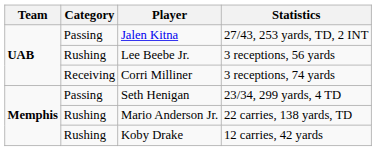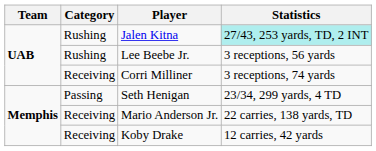 <table class="wikitable" style="float: right;">
 <tr>
 <th>Team</th>
 <th>Category</th>
 <th>Player</th>
 <th>Statistics</th>
 </tr>
 <tr>
 <td rowspan=3><strong>UAB</strong></td>
-<td>Passing</td>
+<td>Rushing</td>
 <td><a href='#'>Jalen Kitna</a></td>
-<td>27/43, 253 yards, TD, 2 INT</td>
+<td style="background: paleturquoise;">27/43, 253 yards, TD, 2 INT</td>
 </tr>
 <tr>
 <td>Rushing</td>
 <td>Lee Beebe Jr.</td>
 <td>3 receptions, 56 yards</td>
 </tr>
 <tr>
 <td>Receiving</td>
 <td>Corri Milliner</td>
 <td>3 receptions, 74 yards</td>
 </tr>
 <tr>
 <td rowspan=3><strong>Memphis</strong></td>
 <td>Passing</td>
 <td>Seth Henigan</td>
 <td>23/34, 299 yards, 4 TD</td>
 </tr>
 <tr>
-<td>Rushing</td>
+<td>Receiving</td>
 <td>Mario Anderson Jr.</td>
 <td>22 carries, 138 yards, TD</td>
 </tr>
 <tr>
-<td>Rushing</td>
+<td>Receiving</td>
 <td>Koby Drake</td>
 <td>12 carries, 42 yards</td>
 </tr>
 </table>
